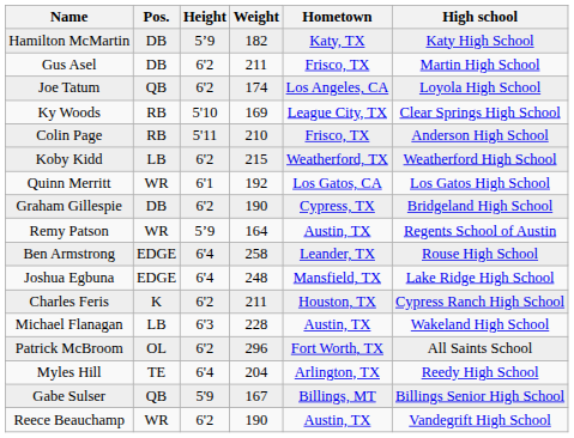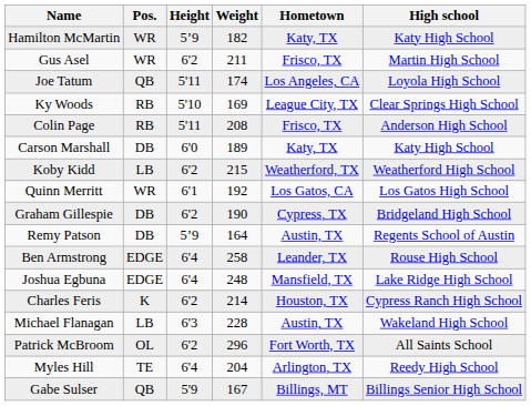 <table class="wikitable sortable">
 <tr>
 <th style="text-align:center; ">Name</th>
 <th style="text-align:center; ">Pos.</th>
 <th style="text-align:center; ">Height</th>
 <th style="text-align:center; ">Weight</th>
 <th style="text-align:center; ">Hometown</th>
 <th style="text-align:center; ">High school</th>
 </tr>
 <tr style="background:#eeeeee;"align="center">
 <td>Hamilton McMartin</td>
-<td>DB</td>
+<td>WR</td>
 <td>5’9</td>
 <td>182</td>
 <td><a href='#'>Katy, TX</a></td>
 <td><a href='#'>Katy High School</a></td>
 </tr>
 <tr align="center">
 <td>Gus Asel</td>
-<td>DB</td>
+<td>WR</td>
 <td>6'2</td>
 <td>211</td>
 <td><a href='#'>Frisco, TX</a></td>
 <td><a href='#'>Martin High School</a></td>
 </tr>
 <tr style="background:#eeeeee; "align="center">
 <td>Joe Tatum</td>
 <td>QB</td>
-<td>6'2</td>
+<td>5'11</td>
 <td>174</td>
 <td><a href='#'>Los Angeles, CA</a></td>
 <td><a href='#'>Loyola High School</a></td>
 </tr>
 <tr align="center">
 <td>Ky Woods</td>
 <td>RB</td>
 <td>5'10</td>
 <td>169</td>
 <td><a href='#'>League City, TX</a></td>
 <td><a href='#'>Clear Springs High School</a></td>
 </tr>
 <tr style="background:#eeeeee; "align="center">
 <td>Colin Page</td>
 <td>RB</td>
 <td>5'11</td>
-<td>210</td>
+<td>208</td>
 <td><a href='#'>Frisco, TX</a></td>
 <td><a href='#'>Anderson High School</a></td>
+</tr>
+<tr align="center">
+<td>Carson Marshall</td>
+<td>DB</td>
+<td>6'0</td>
+<td>189</td>
+<td><a href='#'>Katy, TX</a></td>
+<td><a href='#'>Katy High School</a></td>
 </tr>
 <tr style="background:#eeeeee; "align="center">
 <td>Koby Kidd</td>
 <td>LB</td>
 <td>6'2</td>
 <td>215</td>
 <td><a href='#'>Weatherford, TX</a></td>
 <td><a href='#'>Weatherford High School</a></td>
 </tr>
 <tr align="center">
 <td>Quinn Merritt</td>
 <td>WR</td>
 <td>6'1</td>
 <td>192</td>
 <td><a href='#'>Los Gatos, CA</a></td>
 <td><a href='#'>Los Gatos High School</a></td>
 </tr>
 <tr style="background:#eeeeee; "align="center">
 <td>Graham Gillespie</td>
 <td>DB</td>
 <td>6'2</td>
 <td>190</td>
 <td><a href='#'>Cypress, TX</a></td>
 <td><a href='#'>Bridgeland High School</a></td>
 </tr>
 <tr align="center">
 <td>Remy Patson</td>
-<td>WR</td>
+<td>DB</td>
 <td>5’9</td>
 <td>164</td>
 <td><a href='#'>Austin, TX</a></td>
 <td><a href='#'>Regents School of Austin</a></td>
 </tr>
 <tr style="background:#eeeeee; "align="center">
 <td>Ben Armstrong</td>
 <td>EDGE</td>
 <td>6'4</td>
 <td>258</td>
 <td><a href='#'>Leander, TX</a></td>
 <td><a href='#'>Rouse High School</a></td>
 </tr>
 <tr align="center">
 <td>Joshua Egbuna</td>
 <td>EDGE</td>
 <td>6'4</td>
 <td>248</td>
 <td><a href='#'>Mansfield, TX</a></td>
 <td><a href='#'>Lake Ridge High School</a></td>
 </tr>
 <tr style="background:#eeeeee; "align="center">
 <td>Charles Feris</td>
 <td>K</td>
 <td>6'2</td>
-<td>211</td>
+<td>214</td>
 <td><a href='#'>Houston, TX</a></td>
 <td><a href='#'>Cypress Ranch High School</a></td>
 </tr>
 <tr align="center">
 <td>Michael Flanagan</td>
 <td>LB</td>
 <td>6'3</td>
 <td>228</td>
 <td><a href='#'>Austin, TX</a></td>
 <td><a href='#'>Wakeland High School</a></td>
 </tr>
 <tr style="background:#eeeeee; "align="center">
 <td>Patrick McBroom</td>
 <td>OL</td>
 <td>6'2</td>
 <td>296</td>
 <td><a href='#'>Fort Worth, TX</a></td>
 <td>All Saints School</td>
 </tr>
 <tr align="center">
 <td>Myles Hill</td>
 <td>TE</td>
 <td>6'4</td>
 <td>204</td>
 <td><a href='#'>Arlington, TX</a></td>
 <td><a href='#'>Reedy High School</a></td>
 </tr>
 <tr style="background:#eeeeee; "align="center">
 <td>Gabe Sulser</td>
 <td>QB</td>
 <td>5'9</td>
 <td>167</td>
 <td><a href='#'>Billings, MT</a></td>
 <td><a href='#'>Billings Senior High School</a></td>
 </tr>
-<tr align="center">
-<td>Reece Beauchamp</td>
-<td>WR</td>
-<td>6'2</td>
-<td>190</td>
-<td><a href='#'>Austin, TX</a></td>
-<td><a href='#'>Vandegrift High School</a></td>
-</tr>
 </table>
